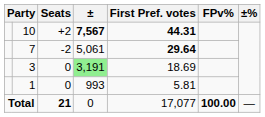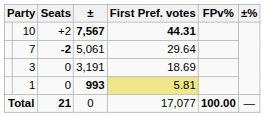 <table class=wikitable>
 <tr>
 <th colspan=2 align=center>Party</th>
 <th valign=top>Seats</th>
 <th valign=top>±</th>
 <th valign=top>First Pref. votes</th>
 <th valign=top>FPv%</th>
 <th valign=top>±%</th>
 </tr>
 <tr>
 <td></td>
 <td align=right>10</td>
 <td align=right>+2</td>
 <td align=right><strong>7,567</strong></td>
 <td align=right><strong>44.31</strong></td>
 <td align=right></td>
 </tr>
 <tr>
 <td></td>
 <td align=right>7</td>
-<td align=right>-2</td>
+<td align=right><strong>-2</strong></td>
 <td align=right>5,061</td>
-<td align=right><strong>29.64</strong></td>
+<td align=right>29.64</td>
 <td align=right></td>
 </tr>
 <tr>
 <td></td>
 <td align=right>3</td>
 <td align=right>0</td>
-<td align=right style="background: lightgreen;">3,191</td>
+<td align=right>3,191</td>
 <td align=right>18.69</td>
 <td align=right></td>
 </tr>
 <tr>
 <td></td>
 <td align=right>1</td>
 <td align=right>0</td>
-<td align=right>993</td>
-<td align=right>5.81</td>
+<td align=right><strong>993</strong></td>
+<td align=right style="background: khaki;">5.81</td>
 <td align=right></td>
 </tr>
 <tr>
 <td colspan=2 align=center><strong>Total</strong></td>
 <td align=right><strong>21</strong></td>
 <td align=center>0</td>
 <td align=right>17,077</td>
 <td align=center><strong>100.00</strong></td>
 <td align=center>—</td>
 </tr>
 </table>
